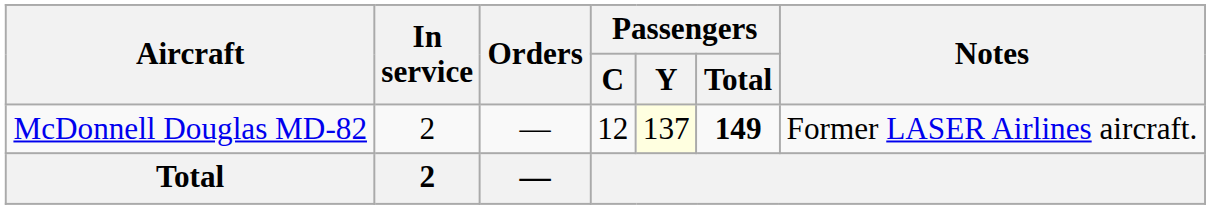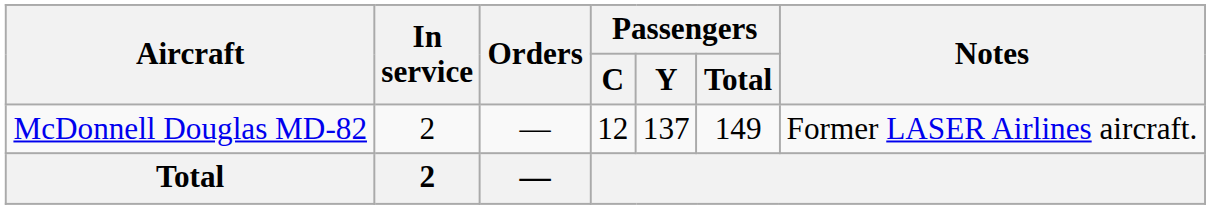 <table class="wikitable" style="margin:0.5em auto; text-align:center">
 <tr>
 <th rowspan=2>Aircraft</th>
 <th rowspan=2>In <br> service</th>
 <th rowspan=2>Orders</th>
 <th colspan=3>Passengers</th>
 <th rowspan=2>Notes</th>
 </tr>
 <tr>
 <th><abbr>C</abbr></th>
 <th><abbr>Y</abbr></th>
 <th>Total</th>
 </tr>
 <tr>
 <td><a href='#'>McDonnell Douglas MD-82</a></td>
 <td>2</td>
 <td>—</td>
 <td>12</td>
-<td style="background: lightyellow;">137</td>
-<td><strong>149</strong></td>
+<td>137</td>
+<td>149</td>
 <td>Former <a href='#'>LASER Airlines</a> aircraft.</td>
 </tr>
 <tr>
 <th>Total</th>
 <th>2</th>
 <th>—</th>
 <th colspan=4></th>
 </tr>
 </table>
